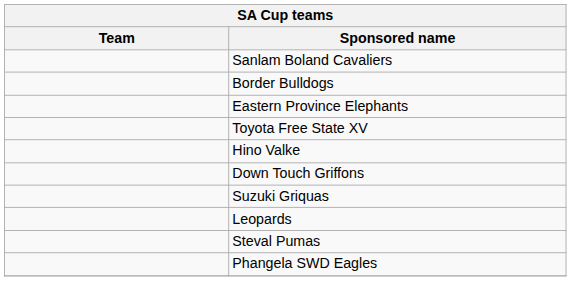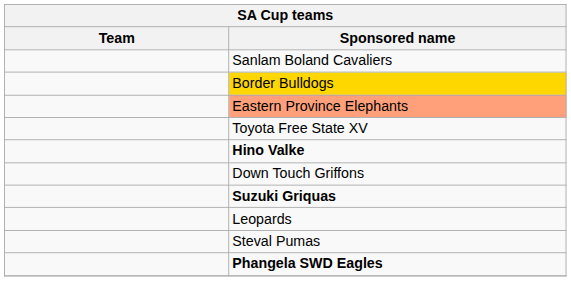 <table class="wikitable sortable" style="text-align:left; width:50%;">
 <tr>
 <th colspan="100%">SA Cup teams</th>
 </tr>
 <tr>
 <th width="40%">Team</th>
 <th width="60%">Sponsored name</th>
 </tr>
 <tr>
 <td></td>
 <td>Sanlam Boland Cavaliers</td>
 </tr>
 <tr>
 <td></td>
-<td>Border Bulldogs</td>
+<td style="background: gold;">Border Bulldogs</td>
 </tr>
 <tr>
 <td></td>
-<td>Eastern Province Elephants</td>
+<td style="background: lightsalmon;">Eastern Province Elephants</td>
 </tr>
 <tr>
 <td></td>
 <td>Toyota Free State XV</td>
 </tr>
 <tr>
 <td></td>
-<td>Hino Valke</td>
+<td><strong>Hino Valke</strong></td>
 </tr>
 <tr>
 <td></td>
 <td>Down Touch Griffons</td>
 </tr>
 <tr>
 <td></td>
-<td>Suzuki Griquas</td>
+<td><strong>Suzuki Griquas</strong></td>
 </tr>
 <tr>
 <td></td>
 <td>Leopards</td>
 </tr>
 <tr>
 <td></td>
 <td>Steval Pumas</td>
 </tr>
 <tr>
 <td></td>
-<td>Phangela SWD Eagles</td>
+<td><strong>Phangela SWD Eagles</strong></td>
 </tr>
 <tr>
 </tr>
 </table>
